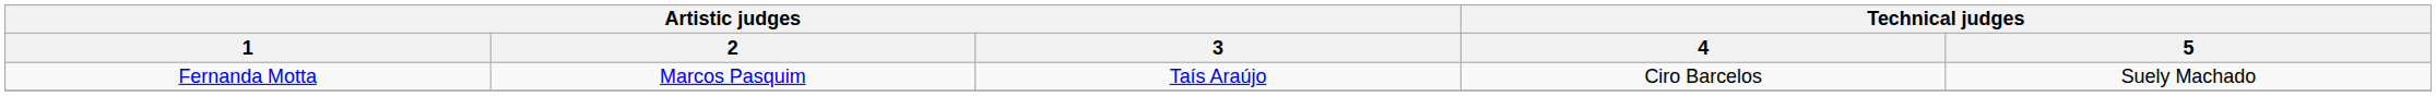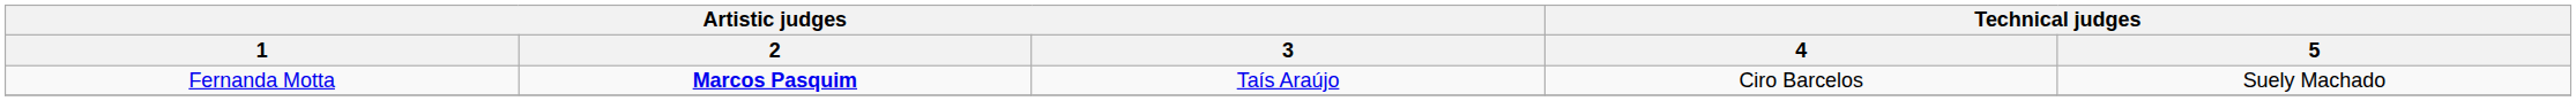 <table class="wikitable" style="font-size:100%; line-height:16px; text-align:center" width="100%">
 <tr>
 <th colspan=3>Artistic judges</th>
 <th colspan=2>Technical judges</th>
 </tr>
 <tr>
 <th width="20.0%">1</th>
 <th width="20.0%">2</th>
 <th width="20.0%">3</th>
 <th width="20.0%">4</th>
 <th width="20.0%">5</th>
 </tr>
 <tr>
 <td><a href='#'>Fernanda Motta</a></td>
-<td><a href='#'>Marcos Pasquim</a></td>
+<td><strong><a href='#'>Marcos Pasquim</a></strong></td>
 <td><a href='#'>Taís Araújo</a></td>
 <td>Ciro Barcelos</td>
 <td>Suely Machado</td>
 </tr>
 <tr>
 </tr>
 </table>
